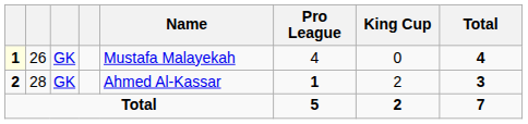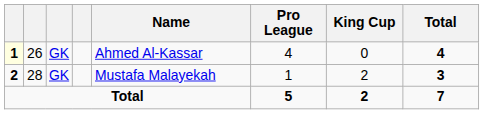 <table class="wikitable" style="text-align:center">
 <tr>
 <th width=15></th>
 <th width=15></th>
 <th width=15></th>
 <th width=15></th>
 <th width=175>Name</th>
 <th width=80>Pro League</th>
 <th width=80>King Cup</th>
 <th width=80>Total</th>
 </tr>
 <tr>
 <td style="background: lightyellow;"><strong>1</strong></td>
 <td>26</td>
 <td><a href='#'>GK</a></td>
 <td></td>
-<td align=left><a href='#'>Mustafa Malayekah</a></td>
+<td align=left><a href='#'>Ahmed Al-Kassar</a></td>
 <td>4</td>
 <td>0</td>
 <td><strong>4</strong></td>
 </tr>
 <tr>
 <td><strong>2</strong></td>
 <td>28</td>
 <td><a href='#'>GK</a></td>
 <td></td>
-<td align=left><a href='#'>Ahmed Al-Kassar</a></td>
-<td><strong>1</strong></td>
+<td align=left><a href='#'>Mustafa Malayekah</a></td>
+<td>1</td>
 <td>2</td>
 <td><strong>3</strong></td>
 </tr>
 <tr>
 <td colspan=5><strong>Total</strong></td>
 <td><strong>5</strong></td>
 <td><strong>2</strong></td>
 <td><strong>7</strong></td>
 </tr>
 </table>
